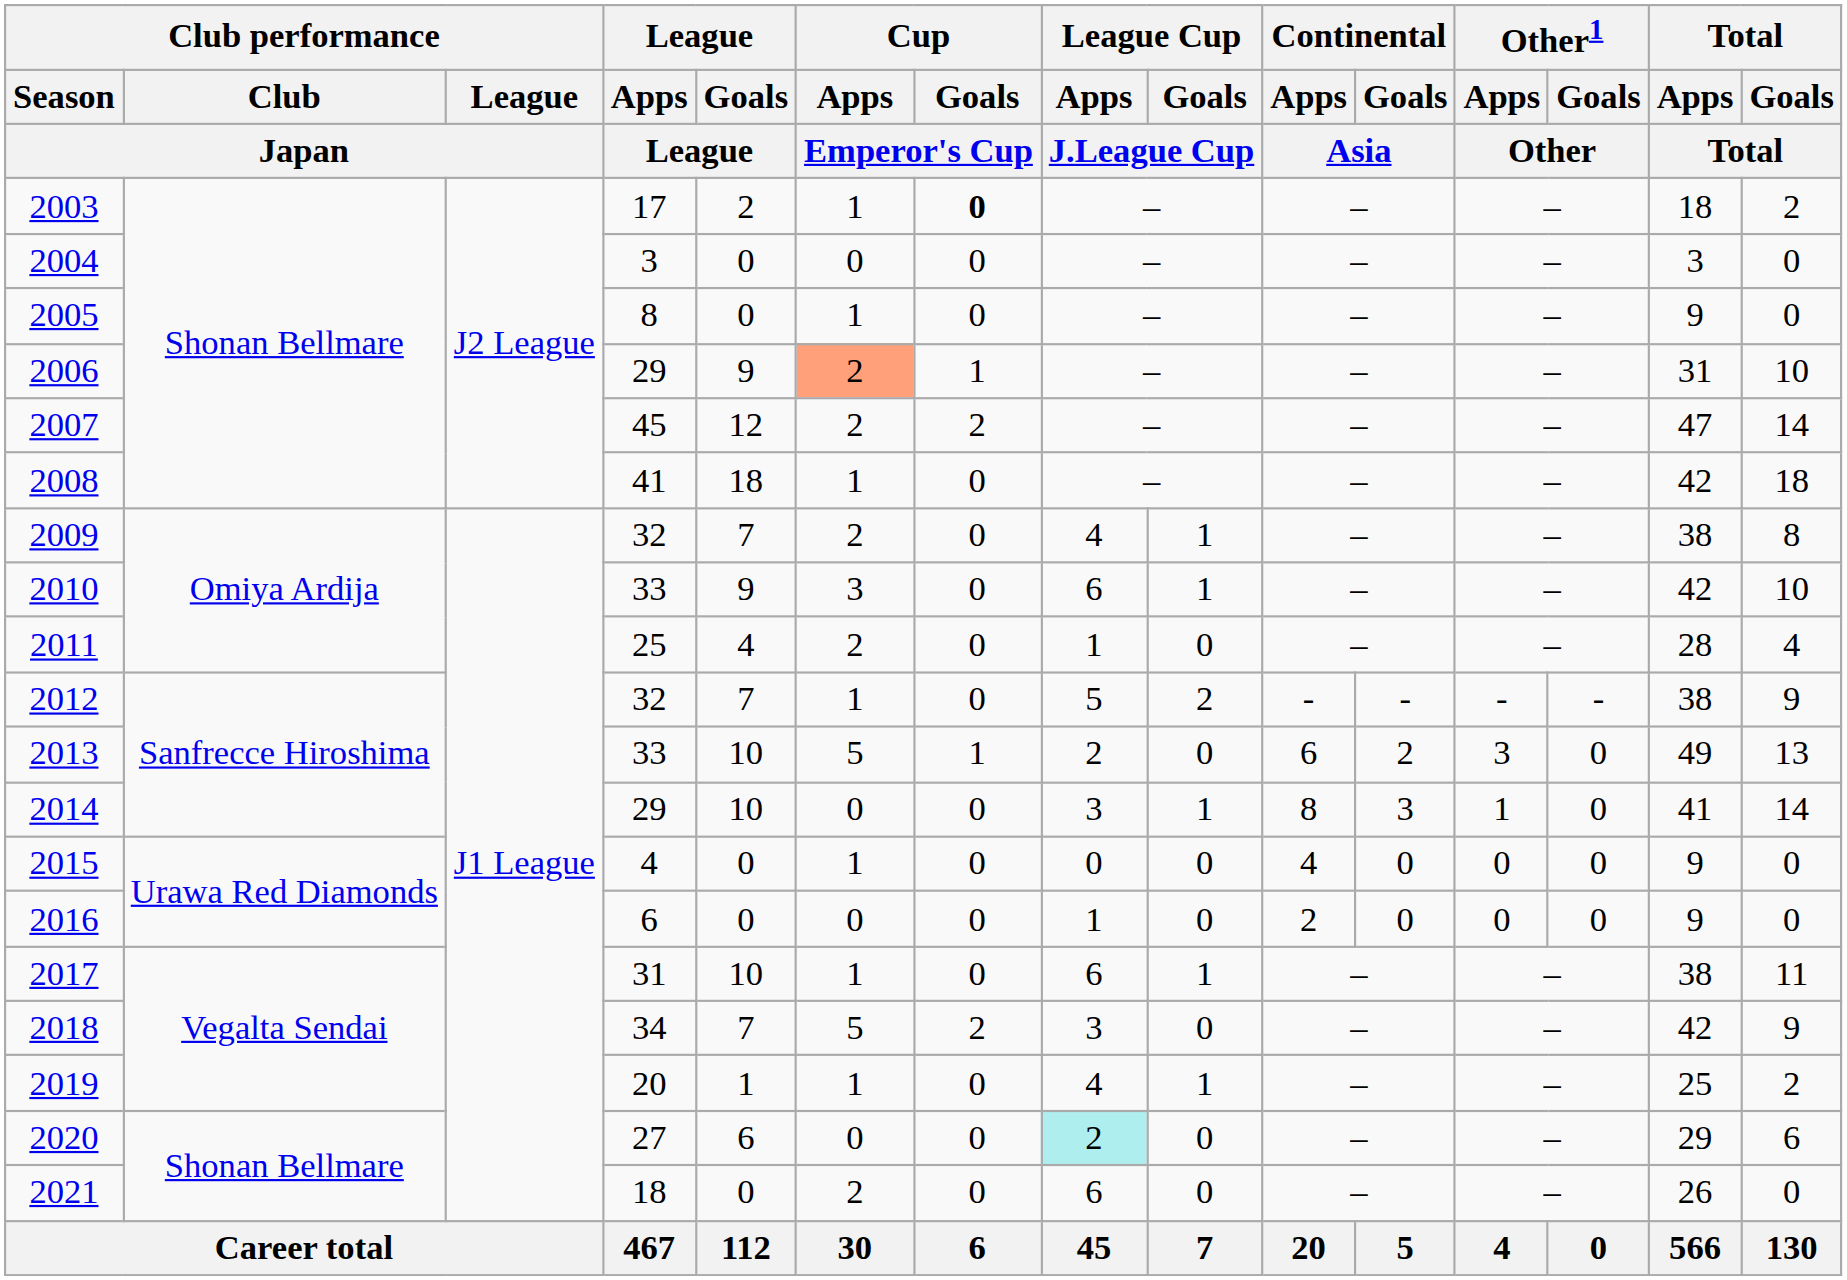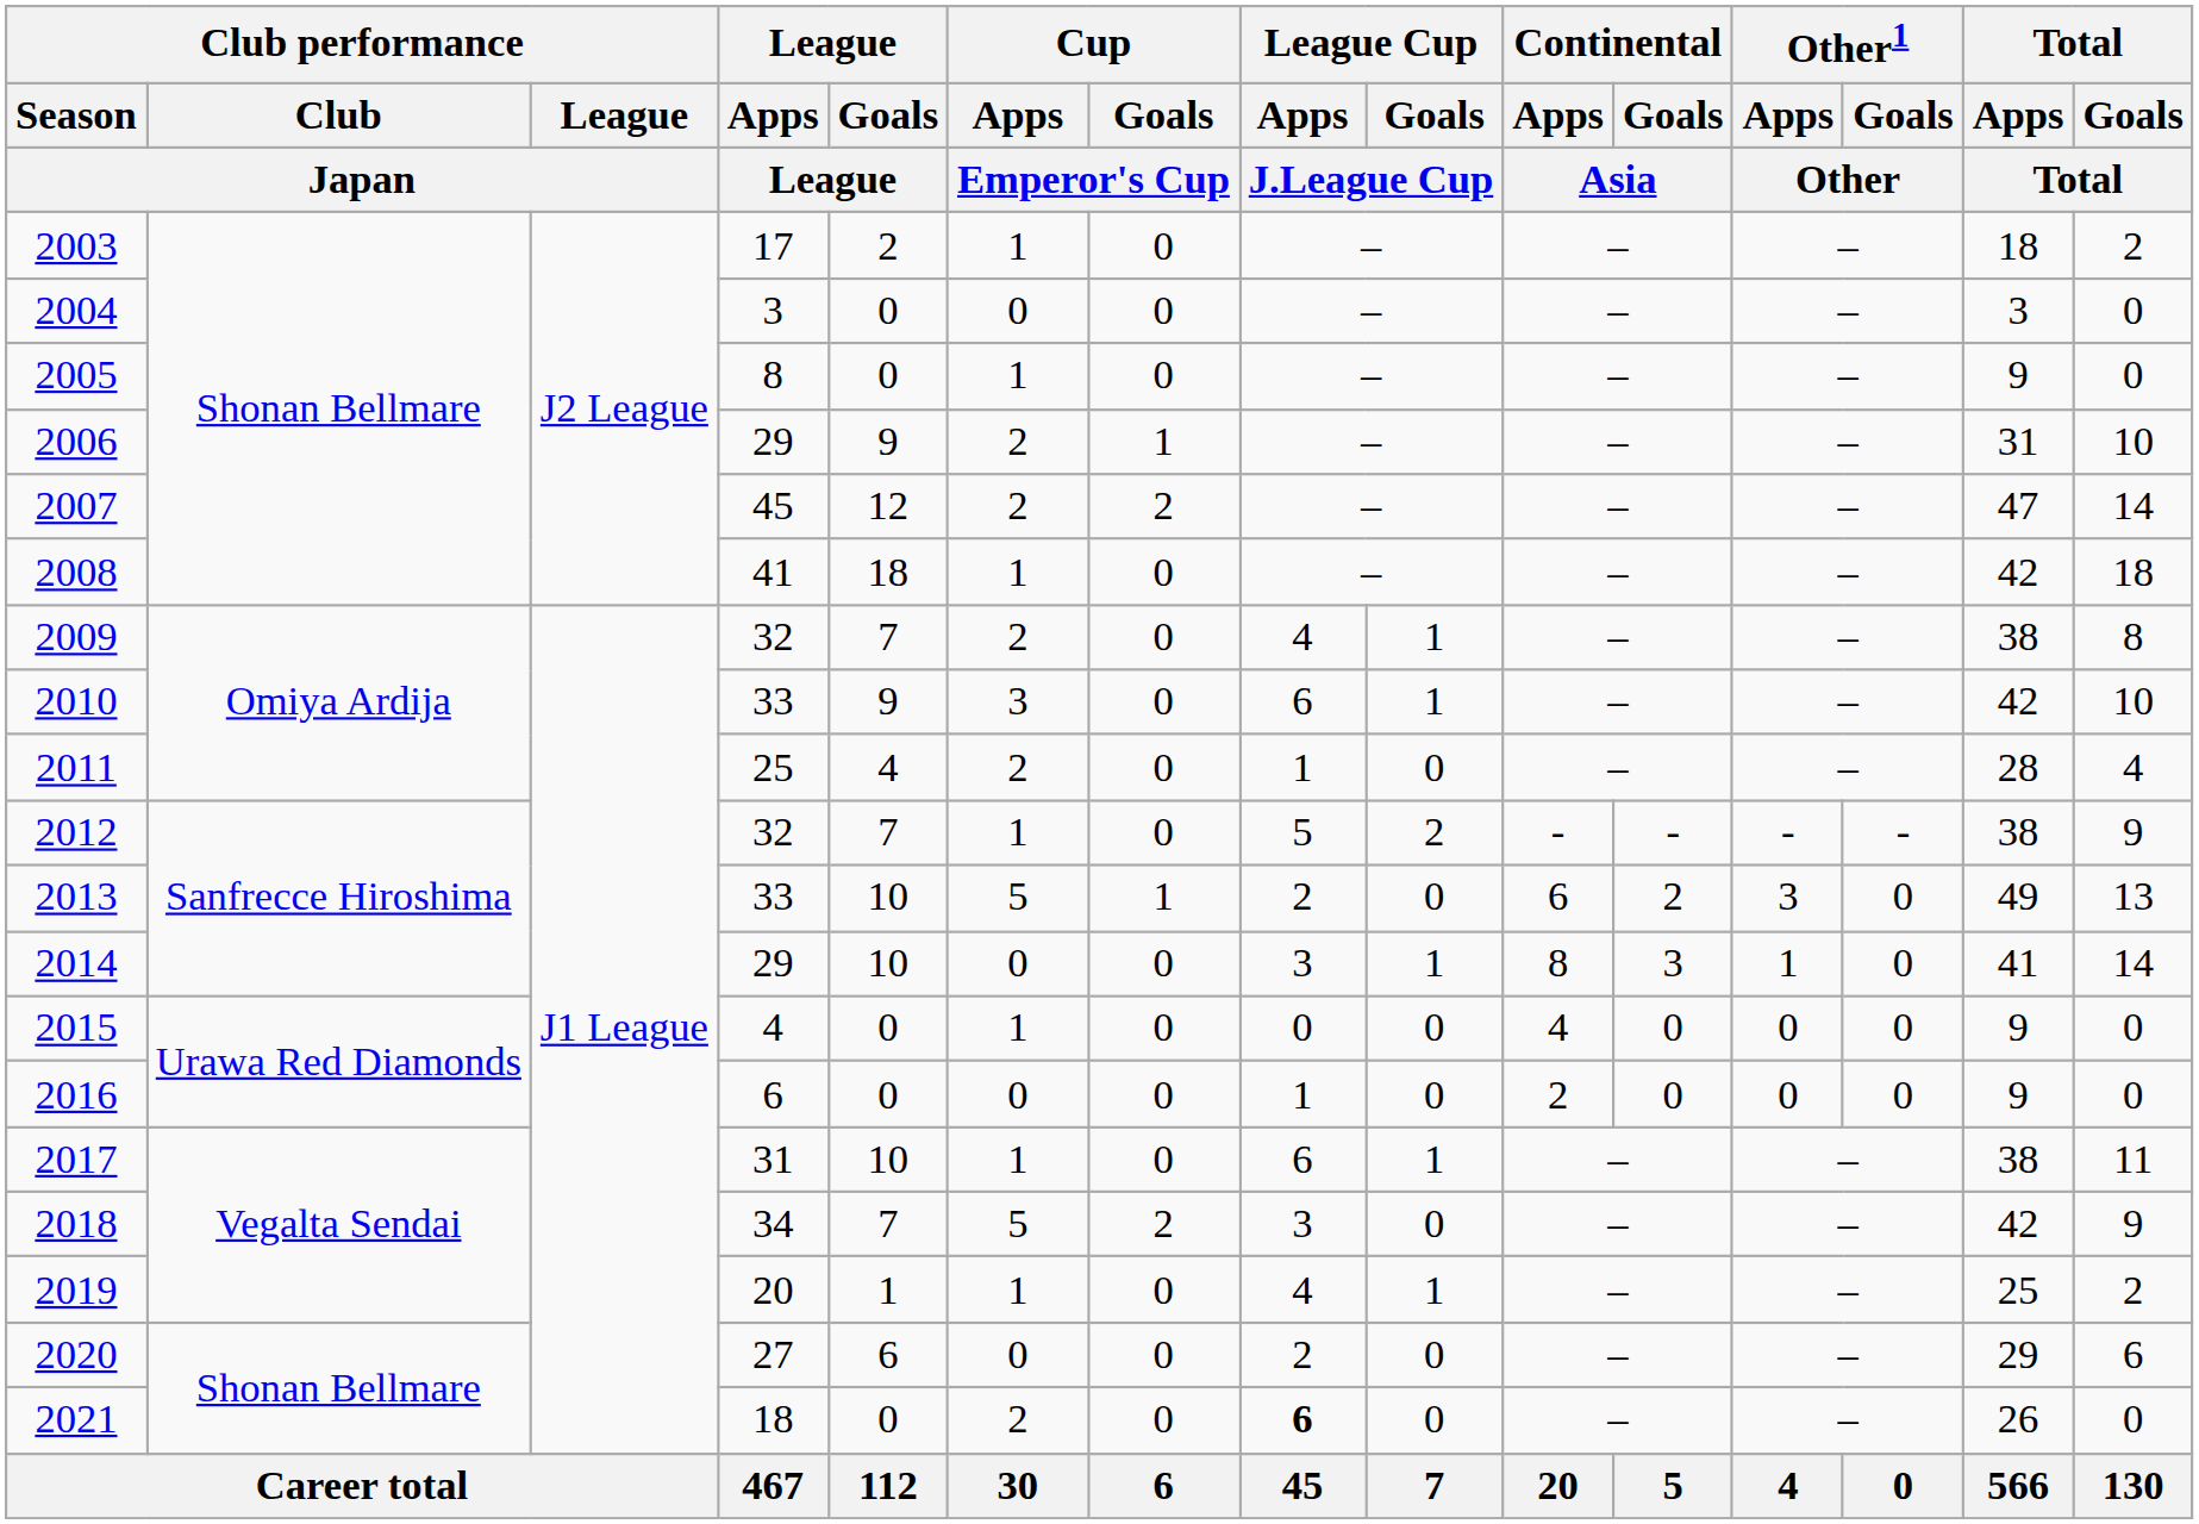 <table class="wikitable" style="text-align:center">
 <tr>
 <th colspan=3>Club performance</th>
 <th colspan=2>League</th>
 <th colspan=2>Cup</th>
 <th colspan=2>League Cup</th>
 <th colspan=2>Continental</th>
 <th colspan=2>Other<sup><a href='#'>1</a></sup></th>
 <th colspan=2>Total</th>
 </tr>
 <tr>
 <th>Season</th>
 <th>Club</th>
 <th>League</th>
 <th>Apps</th>
 <th>Goals</th>
 <th>Apps</th>
 <th>Goals</th>
 <th>Apps</th>
 <th>Goals</th>
 <th>Apps</th>
 <th>Goals</th>
 <th>Apps</th>
 <th>Goals</th>
 <th>Apps</th>
 <th>Goals</th>
 </tr>
 <tr>
 <th colspan=3>Japan</th>
 <th colspan=2>League</th>
 <th colspan=2><a href='#'>Emperor's Cup</a></th>
 <th colspan=2><a href='#'>J.League Cup</a></th>
 <th colspan=2><a href='#'>Asia</a></th>
 <th colspan=2>Other</th>
 <th colspan=2>Total</th>
 </tr>
 <tr>
 <td><a href='#'>2003</a></td>
 <td rowspan="6"><a href='#'>Shonan Bellmare</a></td>
 <td rowspan="6"><a href='#'>J2 League</a></td>
 <td>17</td>
 <td>2</td>
 <td>1</td>
-<td><strong>0</strong></td>
+<td>0</td>
 <td colspan="2">–</td>
 <td colspan="2">–</td>
 <td colspan="2">–</td>
 <td>18</td>
 <td>2</td>
 </tr>
 <tr>
 <td><a href='#'>2004</a></td>
 <td>3</td>
 <td>0</td>
 <td>0</td>
 <td>0</td>
 <td colspan="2">–</td>
 <td colspan="2">–</td>
 <td colspan="2">–</td>
 <td>3</td>
 <td>0</td>
 </tr>
 <tr>
 <td><a href='#'>2005</a></td>
 <td>8</td>
 <td>0</td>
 <td>1</td>
 <td>0</td>
 <td colspan="2">–</td>
 <td colspan="2">–</td>
 <td colspan="2">–</td>
 <td>9</td>
 <td>0</td>
 </tr>
 <tr>
 <td><a href='#'>2006</a></td>
 <td>29</td>
 <td>9</td>
-<td style="background: lightsalmon;">2</td>
+<td>2</td>
 <td>1</td>
 <td colspan="2">–</td>
 <td colspan="2">–</td>
 <td colspan="2">–</td>
 <td>31</td>
 <td>10</td>
 </tr>
 <tr>
 <td><a href='#'>2007</a></td>
 <td>45</td>
 <td>12</td>
 <td>2</td>
 <td>2</td>
 <td colspan="2">–</td>
 <td colspan="2">–</td>
 <td colspan="2">–</td>
 <td>47</td>
 <td>14</td>
 </tr>
 <tr>
 <td><a href='#'>2008</a></td>
 <td>41</td>
 <td>18</td>
 <td>1</td>
 <td>0</td>
 <td colspan="2">–</td>
 <td colspan="2">–</td>
 <td colspan="2">–</td>
 <td>42</td>
 <td>18</td>
 </tr>
 <tr>
 <td><a href='#'>2009</a></td>
 <td rowspan="3"><a href='#'>Omiya Ardija</a></td>
 <td rowspan="13"><a href='#'>J1 League</a></td>
 <td>32</td>
 <td>7</td>
 <td>2</td>
 <td>0</td>
 <td>4</td>
 <td>1</td>
 <td colspan="2">–</td>
 <td colspan="2">–</td>
 <td>38</td>
 <td>8</td>
 </tr>
 <tr>
 <td><a href='#'>2010</a></td>
 <td>33</td>
 <td>9</td>
 <td>3</td>
 <td>0</td>
 <td>6</td>
 <td>1</td>
 <td colspan="2">–</td>
 <td colspan="2">–</td>
 <td>42</td>
 <td>10</td>
 </tr>
 <tr>
 <td><a href='#'>2011</a></td>
 <td>25</td>
 <td>4</td>
 <td>2</td>
 <td>0</td>
 <td>1</td>
 <td>0</td>
 <td colspan="2">–</td>
 <td colspan="2">–</td>
 <td>28</td>
 <td>4</td>
 </tr>
 <tr>
 <td><a href='#'>2012</a></td>
 <td rowspan="3"><a href='#'>Sanfrecce Hiroshima</a></td>
 <td>32</td>
 <td>7</td>
 <td>1</td>
 <td>0</td>
 <td>5</td>
 <td>2</td>
 <td>-</td>
 <td>-</td>
 <td>-</td>
 <td>-</td>
 <td>38</td>
 <td>9</td>
 </tr>
 <tr>
 <td><a href='#'>2013</a></td>
 <td>33</td>
 <td>10</td>
 <td>5</td>
 <td>1</td>
 <td>2</td>
 <td>0</td>
 <td>6</td>
 <td>2</td>
 <td>3</td>
 <td>0</td>
 <td>49</td>
 <td>13</td>
 </tr>
 <tr>
 <td><a href='#'>2014</a></td>
 <td>29</td>
 <td>10</td>
 <td>0</td>
 <td>0</td>
 <td>3</td>
 <td>1</td>
 <td>8</td>
 <td>3</td>
 <td>1</td>
 <td>0</td>
 <td>41</td>
 <td>14</td>
 </tr>
 <tr>
 <td><a href='#'>2015</a></td>
 <td rowspan="2"><a href='#'>Urawa Red Diamonds</a></td>
 <td>4</td>
 <td>0</td>
 <td>1</td>
 <td>0</td>
 <td>0</td>
 <td>0</td>
 <td>4</td>
 <td>0</td>
 <td>0</td>
 <td>0</td>
 <td>9</td>
 <td>0</td>
 </tr>
 <tr>
 <td><a href='#'>2016</a></td>
 <td>6</td>
 <td>0</td>
 <td>0</td>
 <td>0</td>
 <td>1</td>
 <td>0</td>
 <td>2</td>
 <td>0</td>
 <td>0</td>
 <td>0</td>
 <td>9</td>
 <td>0</td>
 </tr>
 <tr>
 <td><a href='#'>2017</a></td>
 <td rowspan="3"><a href='#'>Vegalta Sendai</a></td>
 <td>31</td>
 <td>10</td>
 <td>1</td>
 <td>0</td>
 <td>6</td>
 <td>1</td>
 <td colspan="2">–</td>
 <td colspan="2">–</td>
 <td>38</td>
 <td>11</td>
 </tr>
 <tr>
 <td><a href='#'>2018</a></td>
 <td>34</td>
 <td>7</td>
 <td>5</td>
 <td>2</td>
 <td>3</td>
 <td>0</td>
 <td colspan="2">–</td>
 <td colspan="2">–</td>
 <td>42</td>
 <td>9</td>
 </tr>
 <tr>
 <td><a href='#'>2019</a></td>
 <td>20</td>
 <td>1</td>
 <td>1</td>
 <td>0</td>
 <td>4</td>
 <td>1</td>
 <td colspan="2">–</td>
 <td colspan="2">–</td>
 <td>25</td>
 <td>2</td>
 </tr>
 <tr>
 <td><a href='#'>2020</a></td>
 <td rowspan=2><a href='#'>Shonan Bellmare</a></td>
 <td>27</td>
 <td>6</td>
 <td>0</td>
 <td>0</td>
-<td style="background: paleturquoise;">2</td>
+<td>2</td>
 <td>0</td>
 <td colspan="2">–</td>
 <td colspan="2">–</td>
 <td>29</td>
 <td>6</td>
 </tr>
 <tr>
 <td><a href='#'>2021</a></td>
 <td>18</td>
 <td>0</td>
 <td>2</td>
 <td>0</td>
-<td>6</td>
+<td><strong>6</strong></td>
 <td>0</td>
 <td colspan="2">–</td>
 <td colspan="2">–</td>
 <td>26</td>
 <td>0</td>
 </tr>
 <tr>
 <th colspan=3>Career total</th>
 <th>467</th>
 <th>112</th>
 <th>30</th>
 <th>6</th>
 <th>45</th>
 <th>7</th>
 <th>20</th>
 <th>5</th>
 <th>4</th>
 <th>0</th>
 <th>566</th>
 <th>130</th>
 </tr>
 </table>
